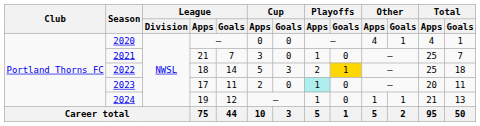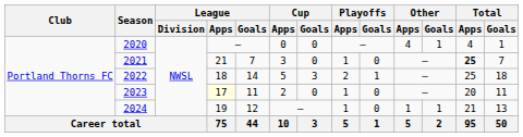 <table class="wikitable" style="text-align:center">
 <tr>
 <th rowspan="2">Club</th>
 <th rowspan="2">Season</th>
 <th colspan="3">League</th>
 <th colspan="2">Cup</th>
 <th colspan="2">Playoffs</th>
 <th colspan="2">Other</th>
 <th colspan="2">Total</th>
 </tr>
 <tr>
 <th>Division</th>
 <th>Apps</th>
 <th>Goals</th>
 <th>Apps</th>
 <th>Goals</th>
 <th>Apps</th>
 <th>Goals</th>
 <th>Apps</th>
 <th>Goals</th>
 <th>Apps</th>
 <th>Goals</th>
 </tr>
 <tr>
 <td rowspan="5"><a href='#'>Portland Thorns FC</a></td>
 <td><a href='#'>2020</a></td>
 <td rowspan="5"><a href='#'>NWSL</a></td>
 <td colspan="2">—</td>
 <td>0</td>
 <td>0</td>
 <td colspan="2">—</td>
 <td>4</td>
 <td>1</td>
 <td>4</td>
 <td>1</td>
 </tr>
 <tr>
 <td><a href='#'>2021</a></td>
 <td>21</td>
 <td>7</td>
 <td>3</td>
 <td>0</td>
 <td>1</td>
 <td>0</td>
 <td colspan="2">—</td>
-<td>25</td>
+<td><strong>25</strong></td>
 <td>7</td>
 </tr>
 <tr>
 <td><a href='#'>2022</a></td>
 <td>18</td>
 <td>14</td>
 <td>5</td>
 <td>3</td>
 <td>2</td>
-<td style="background: gold;">1</td>
+<td>1</td>
 <td colspan="2">—</td>
 <td>25</td>
 <td>18</td>
 </tr>
 <tr>
 <td><a href='#'>2023</a></td>
-<td>17</td>
+<td style="background: lightyellow;">17</td>
 <td>11</td>
 <td>2</td>
 <td>0</td>
-<td style="background: paleturquoise;">1</td>
+<td>1</td>
 <td>0</td>
 <td colspan="2">—</td>
 <td>20</td>
 <td>11</td>
 </tr>
 <tr>
 <td><a href='#'>2024</a></td>
 <td>19</td>
 <td>12</td>
 <td colspan="2">—</td>
 <td>1</td>
 <td>0</td>
 <td>1</td>
 <td>1</td>
 <td>21</td>
 <td>13</td>
 </tr>
 <tr>
 <th colspan="3">Career total</th>
 <th>75</th>
 <th>44</th>
 <th>10</th>
 <th>3</th>
 <th>5</th>
 <th>1</th>
 <th>5</th>
 <th>2</th>
 <th>95</th>
 <th>50</th>
 </tr>
 </table>
